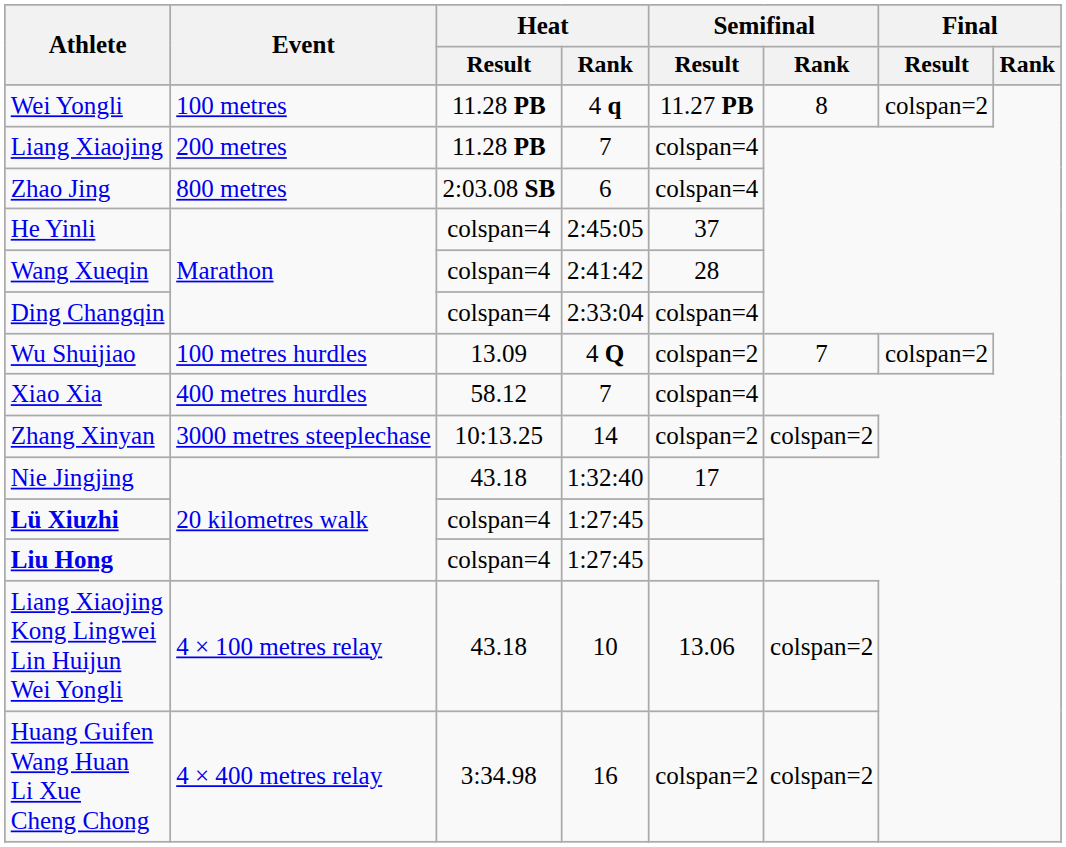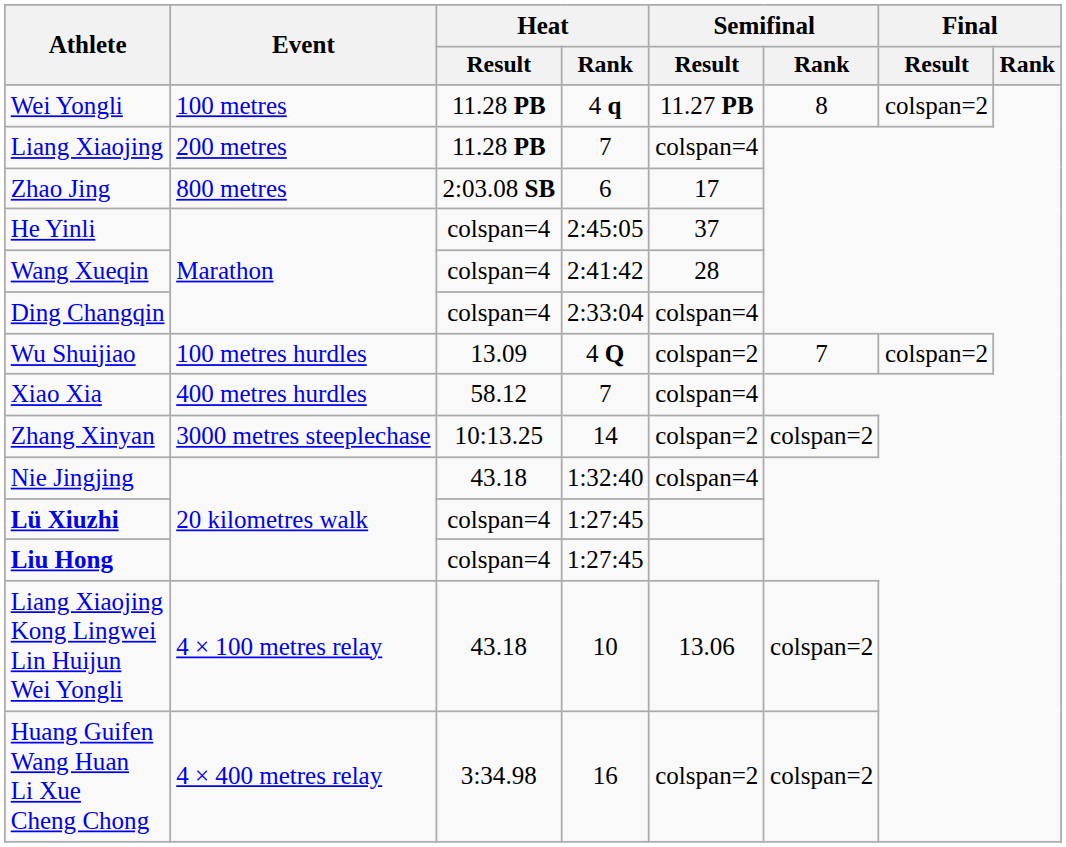 <table class="wikitable" style="font-size:90%">
 <tr>
 <th rowspan="2">Athlete</th>
 <th rowspan="2">Event</th>
 <th colspan="2">Heat</th>
 <th colspan="2">Semifinal</th>
 <th colspan="2">Final</th>
 </tr>
 <tr style="font-size:95%">
 <th>Result</th>
 <th>Rank</th>
 <th>Result</th>
 <th>Rank</th>
 <th>Result</th>
 <th>Rank</th>
 </tr>
 <tr style=text-align:center>
 <td style=text-align:left><a href='#'>Wei Yongli</a></td>
 <td style=text-align:left rowspan=1><a href='#'>100 metres</a></td>
 <td>11.28 <strong>PB</strong></td>
 <td>4 <strong>q</strong></td>
 <td>11.27 <strong>PB</strong></td>
 <td>8</td>
 <td>colspan=2 </td>
 </tr>
 <tr style=text-align:center>
 <td style=text-align:left><a href='#'>Liang Xiaojing</a></td>
 <td style=text-align:left rowspan=1><a href='#'>200 metres</a></td>
 <td>11.28 <strong>PB</strong></td>
 <td>7</td>
 <td>colspan=4 </td>
 </tr>
 <tr style=text-align:center>
 <td style=text-align:left><a href='#'>Zhao Jing</a></td>
 <td style=text-align:left rowspan=1><a href='#'>800 metres</a></td>
 <td>2:03.08 <strong>SB</strong></td>
 <td>6</td>
-<td>colspan=4 </td>
+<td>17</td>
 </tr>
 <tr style=text-align:center>
 <td style=text-align:left><a href='#'>He Yinli</a></td>
 <td style=text-align:left rowspan=3><a href='#'>Marathon</a></td>
 <td>colspan=4 </td>
 <td>2:45:05</td>
 <td>37</td>
 </tr>
 <tr style=text-align:center>
 <td style=text-align:left><a href='#'>Wang Xueqin</a></td>
 <td>colspan=4 </td>
 <td>2:41:42</td>
 <td>28</td>
 </tr>
 <tr style=text-align:center>
 <td style=text-align:left><a href='#'>Ding Changqin</a></td>
 <td>colspan=4 </td>
 <td>2:33:04</td>
 <td>colspan=4 </td>
 </tr>
 <tr style=text-align:center>
 <td style=text-align:left><a href='#'>Wu Shuijiao</a></td>
 <td style=text-align:left rowspan=1><a href='#'>100 metres hurdles</a></td>
 <td>13.09</td>
 <td>4 <strong>Q</strong></td>
 <td>colspan=2 </td>
 <td>7</td>
 <td>colspan=2 </td>
 </tr>
 <tr style=text-align:center>
 <td style=text-align:left><a href='#'>Xiao Xia</a></td>
 <td style=text-align:left rowspan=1><a href='#'>400 metres hurdles</a></td>
 <td>58.12</td>
 <td>7</td>
 <td>colspan=4 </td>
 </tr>
 <tr style=text-align:center>
 <td style=text-align:left><a href='#'>Zhang Xinyan</a></td>
 <td style=text-align:left rowspan=1><a href='#'>3000 metres steeplechase</a></td>
 <td>10:13.25</td>
 <td>14</td>
 <td>colspan=2 </td>
 <td>colspan=2 </td>
 </tr>
 <tr style=text-align:center>
 <td style=text-align:left><a href='#'>Nie Jingjing</a></td>
 <td style=text-align:left rowspan=3><a href='#'>20 kilometres walk</a></td>
 <td>43.18</td>
 <td>1:32:40</td>
-<td>17</td>
+<td>colspan=4 </td>
 </tr>
 <tr style=text-align:center>
 <td style=text-align:left><strong><a href='#'>Lü Xiuzhi</a></strong></td>
 <td>colspan=4 </td>
 <td>1:27:45</td>
 <td></td>
 </tr>
 <tr style=text-align:center>
 <td style=text-align:left><strong><a href='#'>Liu Hong</a></strong></td>
 <td>colspan=4 </td>
 <td>1:27:45</td>
 <td></td>
 </tr>
 <tr style=text-align:center>
 <td style=text-align:left><a href='#'>Liang Xiaojing</a><br><a href='#'>Kong Lingwei</a><br><a href='#'>Lin Huijun</a><br><a href='#'>Wei Yongli</a></td>
 <td style=text-align:left><a href='#'>4 × 100 metres relay</a></td>
 <td>43.18</td>
 <td>10</td>
 <td>13.06</td>
 <td>colspan=2 </td>
 </tr>
 <tr style=text-align:center>
 <td style=text-align:left><a href='#'>Huang Guifen</a><br><a href='#'>Wang Huan</a><br><a href='#'>Li Xue</a><br><a href='#'>Cheng Chong</a></td>
 <td style=text-align:left><a href='#'>4 × 400 metres relay</a></td>
 <td>3:34.98</td>
 <td>16</td>
 <td>colspan=2 </td>
 <td>colspan=2 </td>
 </tr>
 </table>
